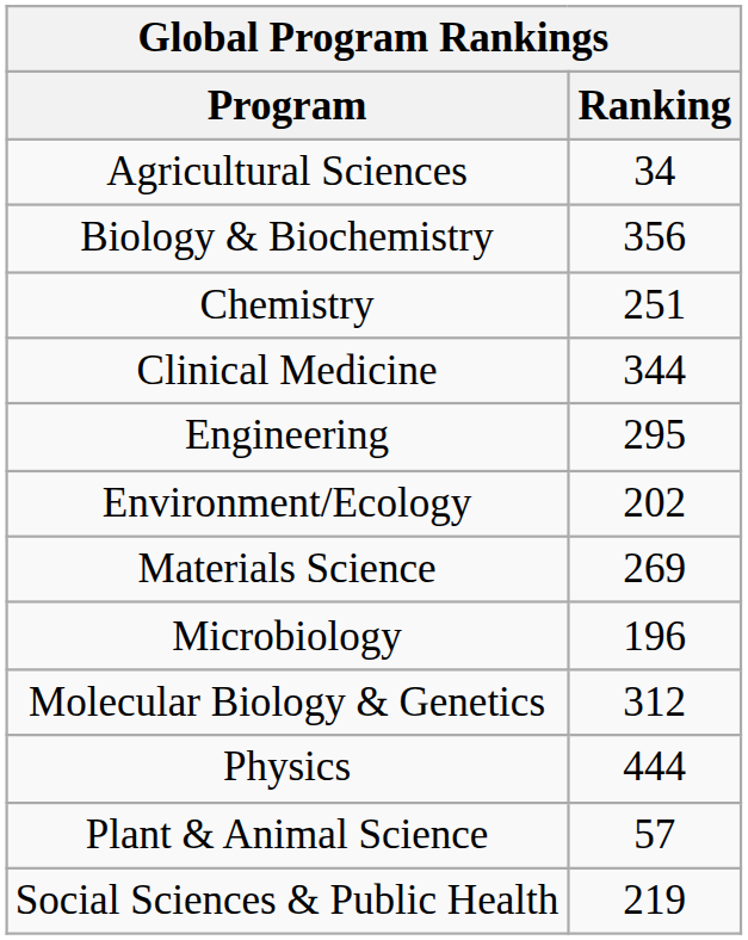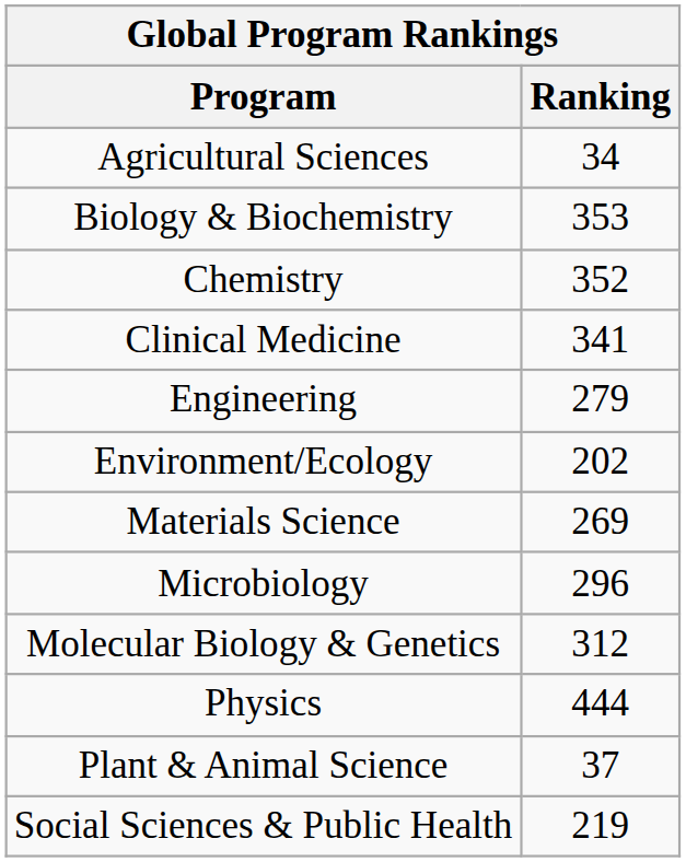 <table class="wikitable sortable collapsible collapsed" style="float:right; text-align:center">
 <tr>
 <th colspan=4>Global Program Rankings</th>
 </tr>
 <tr>
 <th>Program</th>
 <th>Ranking</th>
 </tr>
 <tr>
 <td>Agricultural Sciences</td>
 <td>34</td>
 </tr>
 <tr>
 <td>Biology & Biochemistry</td>
-<td>356</td>
+<td>353</td>
 </tr>
 <tr>
 <td>Chemistry</td>
-<td>251</td>
+<td>352</td>
 </tr>
 <tr>
 <td>Clinical Medicine</td>
-<td>344</td>
+<td>341</td>
 </tr>
 <tr>
 <td>Engineering</td>
-<td>295</td>
+<td>279</td>
 </tr>
 <tr>
 <td>Environment/Ecology</td>
 <td>202</td>
 </tr>
 <tr>
 <td>Materials Science</td>
 <td>269</td>
 </tr>
 <tr>
 <td>Microbiology</td>
-<td>196</td>
+<td>296</td>
 </tr>
 <tr>
 <td>Molecular Biology & Genetics</td>
 <td>312</td>
 </tr>
 <tr>
 <td>Physics</td>
 <td>444</td>
 </tr>
 <tr>
 <td>Plant & Animal Science</td>
-<td>57</td>
+<td>37</td>
 </tr>
 <tr>
 <td>Social Sciences & Public Health</td>
 <td>219</td>
 </tr>
 </table>
